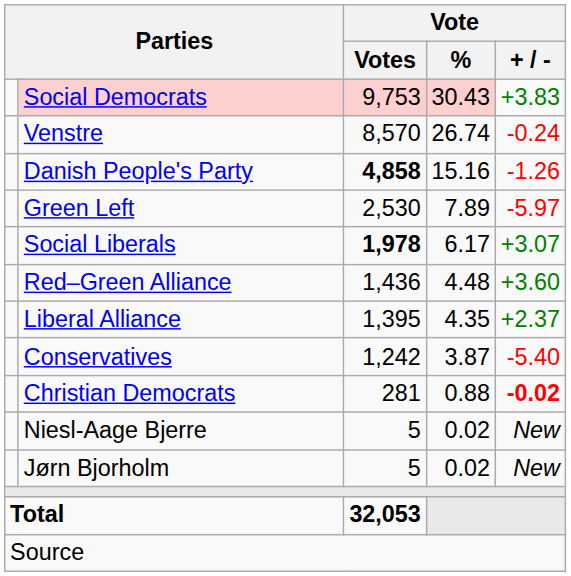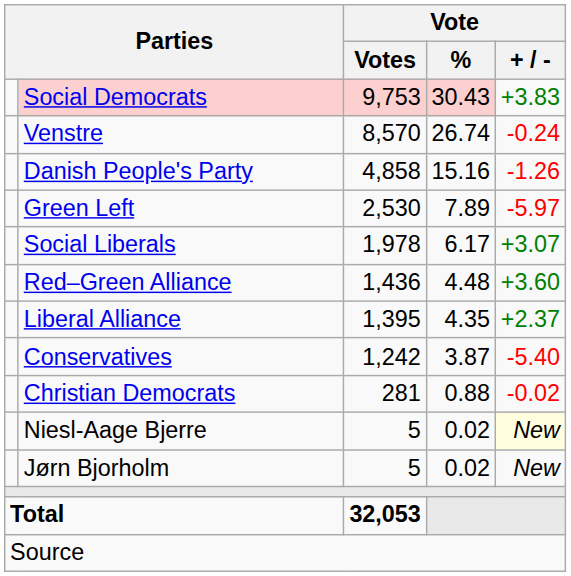 <table class="wikitable" style="text-align:right;">
 <tr>
 <th style="text-align:centre;" rowspan="2" colspan="2" width="225">Parties</th>
 <th colspan="3">Vote</th>
 </tr>
 <tr>
 <th width="15">Votes</th>
 <th width="15">%</th>
 <th width="15">+ / -</th>
 </tr>
 <tr>
 <td width="2" style="color:inherit;background:"></td>
 <td bgcolor=#fbd0ce  align="left"><a href='#'>Social Democrats</a></td>
 <td bgcolor=#fbd0ce>9,753</td>
 <td bgcolor=#fbd0ce>30.43</td>
 <td style=color:green;>+3.83</td>
 </tr>
 <tr>
 <td width="2" style="color:inherit;background:"></td>
 <td align="left"><a href='#'>Venstre</a></td>
 <td>8,570</td>
 <td>26.74</td>
 <td style=color:red;>-0.24</td>
 </tr>
 <tr>
 <td width="2" style="color:inherit;background:"></td>
 <td align="left"><a href='#'>Danish People's Party</a></td>
-<td><strong>4,858</strong></td>
+<td>4,858</td>
 <td>15.16</td>
 <td style=color:red;>-1.26</td>
 </tr>
 <tr>
 <td width="2" style="color:inherit;background:"></td>
 <td align="left"><a href='#'>Green Left</a></td>
 <td>2,530</td>
 <td>7.89</td>
 <td style=color:red;>-5.97</td>
 </tr>
 <tr>
 <td width="2" style="color:inherit;background:"></td>
 <td align="left"><a href='#'>Social Liberals</a></td>
-<td><strong>1,978</strong></td>
+<td>1,978</td>
 <td>6.17</td>
 <td style=color:green;>+3.07</td>
 </tr>
 <tr>
 <td width="2" style="color:inherit;background:"></td>
 <td align="left"><a href='#'>Red–Green Alliance</a></td>
 <td>1,436</td>
 <td>4.48</td>
 <td style=color:green;>+3.60</td>
 </tr>
 <tr>
 <td width="2" style="color:inherit;background:"></td>
 <td align="left"><a href='#'>Liberal Alliance</a></td>
 <td>1,395</td>
 <td>4.35</td>
 <td style=color:green;>+2.37</td>
 </tr>
 <tr>
 <td width="2" style="color:inherit;background:"></td>
 <td align="left"><a href='#'>Conservatives</a></td>
 <td>1,242</td>
 <td>3.87</td>
 <td style=color:red;>-5.40</td>
 </tr>
 <tr>
 <td width="2" style="color:inherit;background:"></td>
 <td align="left"><a href='#'>Christian Democrats</a></td>
 <td>281</td>
 <td>0.88</td>
-<td style=color:red;><strong>-0.02</strong></td>
+<td style=color:red;>-0.02</td>
 </tr>
 <tr>
 <td width="2" style="color:inherit;background:"></td>
 <td align="left">Niesl-Aage Bjerre</td>
 <td>5</td>
 <td>0.02</td>
-<td><em>New</em></td>
+<td style="background: lightyellow;"><em>New</em></td>
 </tr>
 <tr>
 <td width="2" style="color:inherit;background:"></td>
 <td align="left">Jørn Bjorholm</td>
 <td>5</td>
 <td>0.02</td>
 <td><em>New</em></td>
 </tr>
 <tr>
 <td colspan="7" bgcolor="#E9E9E9"></td>
 </tr>
 <tr>
 <td align="left" colspan="2"><strong>Total</strong></td>
 <td><strong>32,053</strong></td>
 <td bgcolor="#E9E9E9" colspan="2"></td>
 </tr>
 <tr>
 <td align="left" colspan="6">Source</td>
 </tr>
 </table>
